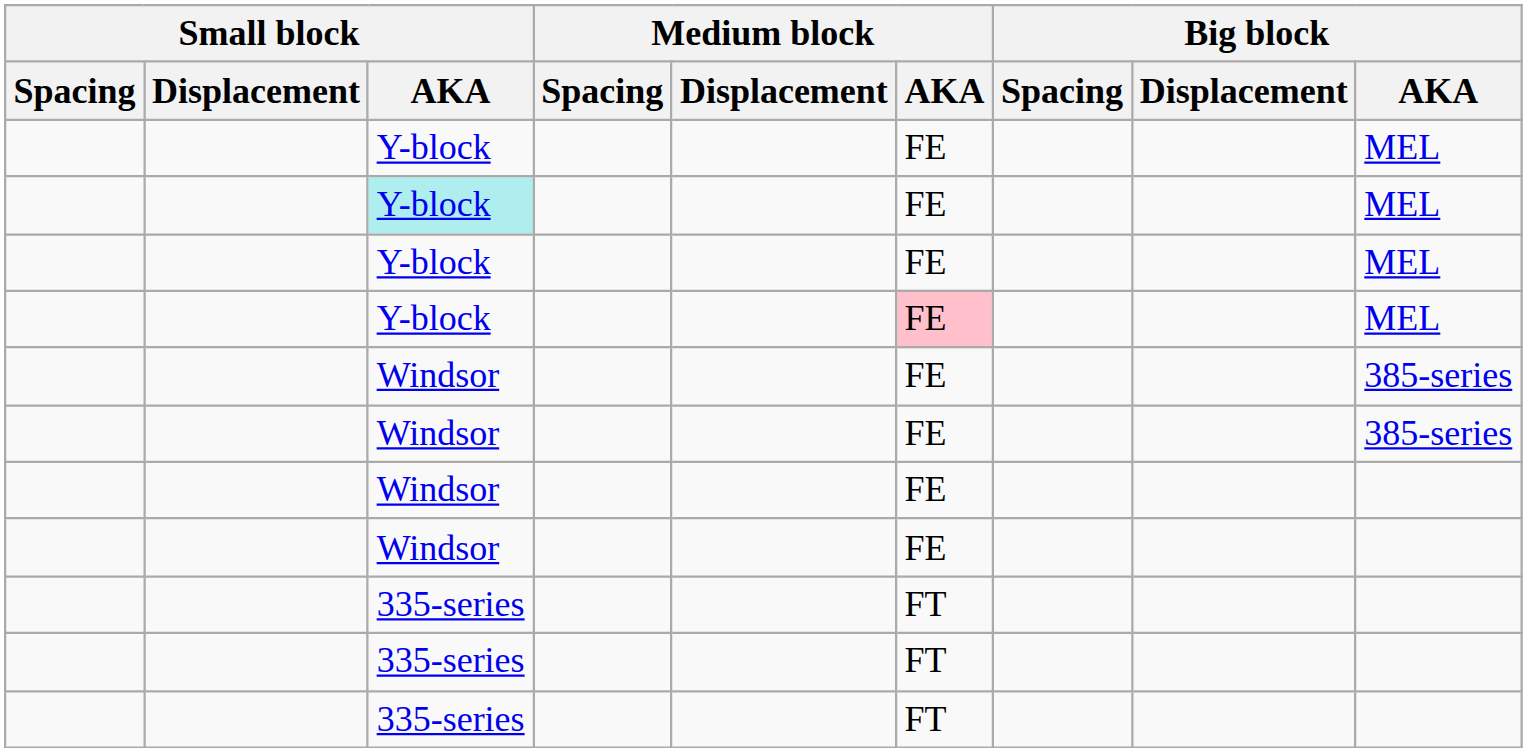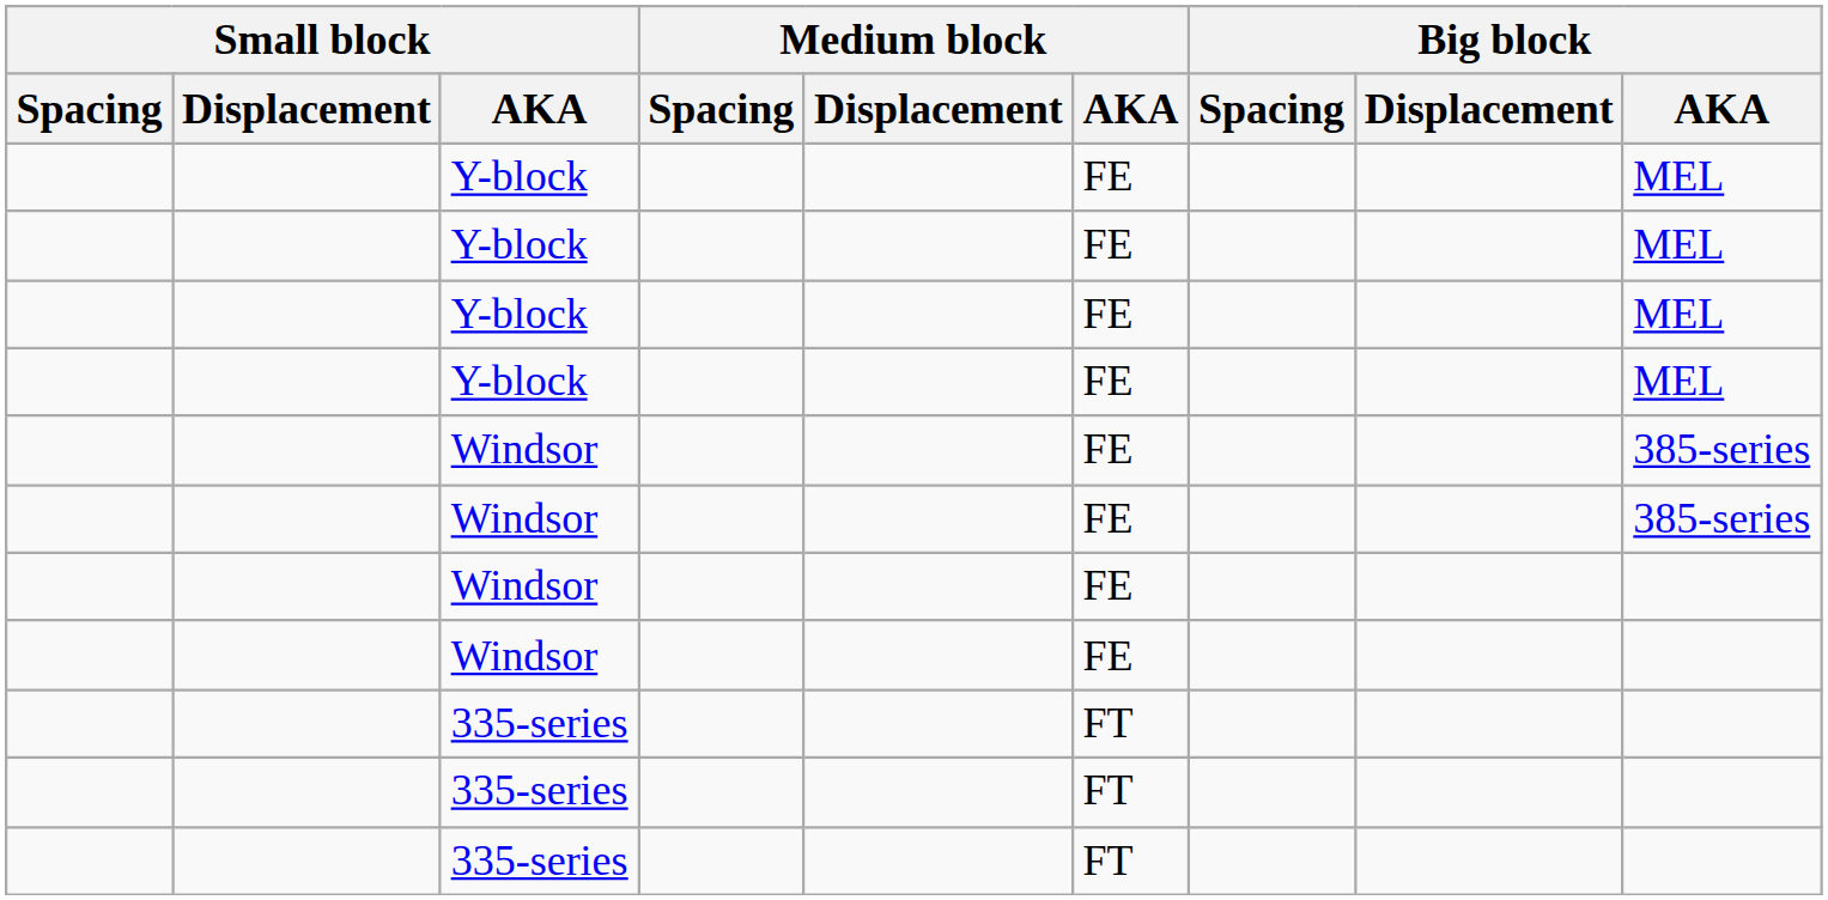 <table class="wikitable  defaultcenter" ;>
 <tr>
 <th colspan=3>Small block</th>
 <th colspan=3>Medium block</th>
 <th colspan=3>Big block</th>
 </tr>
 <tr>
 <th>Spacing</th>
 <th>Displacement</th>
 <th>AKA</th>
 <th>Spacing</th>
 <th>Displacement</th>
 <th>AKA</th>
 <th>Spacing</th>
 <th>Displacement</th>
 <th>AKA</th>
 </tr>
 <tr>
 <td></td>
 <td></td>
 <td><a href='#'>Y-block</a></td>
 <td></td>
 <td></td>
 <td>FE</td>
 <td></td>
 <td></td>
 <td><a href='#'>MEL</a></td>
 </tr>
 <tr>
 <td></td>
 <td></td>
-<td style="background: paleturquoise;"><a href='#'>Y-block</a></td>
+<td><a href='#'>Y-block</a></td>
 <td></td>
 <td></td>
 <td>FE</td>
 <td></td>
 <td></td>
 <td><a href='#'>MEL</a></td>
 </tr>
 <tr>
 <td></td>
 <td></td>
 <td><a href='#'>Y-block</a></td>
 <td></td>
 <td></td>
 <td>FE</td>
 <td></td>
 <td></td>
 <td><a href='#'>MEL</a></td>
 </tr>
 <tr>
 <td></td>
 <td></td>
 <td><a href='#'>Y-block</a></td>
 <td></td>
 <td></td>
-<td style="background: pink;">FE</td>
+<td>FE</td>
 <td></td>
 <td></td>
 <td><a href='#'>MEL</a></td>
 </tr>
 <tr>
 <td></td>
 <td></td>
 <td><a href='#'>Windsor</a></td>
 <td></td>
 <td></td>
 <td>FE</td>
 <td></td>
 <td></td>
 <td><a href='#'>385-series</a></td>
 </tr>
 <tr>
 <td></td>
 <td></td>
 <td><a href='#'>Windsor</a></td>
 <td></td>
 <td></td>
 <td>FE</td>
 <td></td>
 <td></td>
 <td><a href='#'>385-series</a></td>
 </tr>
 <tr>
 <td></td>
 <td></td>
 <td><a href='#'>Windsor</a></td>
 <td></td>
 <td></td>
 <td>FE</td>
 <td></td>
 <td></td>
 <td></td>
 </tr>
 <tr>
 <td></td>
 <td></td>
 <td><a href='#'>Windsor</a></td>
 <td></td>
 <td></td>
 <td>FE</td>
 <td></td>
 <td></td>
 <td></td>
 </tr>
 <tr>
 <td></td>
 <td></td>
 <td><a href='#'>335-series</a></td>
 <td></td>
 <td></td>
 <td>FT</td>
 <td></td>
 <td></td>
 <td></td>
 </tr>
 <tr>
 <td></td>
 <td></td>
 <td><a href='#'>335-series</a></td>
 <td></td>
 <td></td>
 <td>FT</td>
 <td></td>
 <td></td>
 <td></td>
 </tr>
 <tr>
 <td></td>
 <td></td>
 <td><a href='#'>335-series</a></td>
 <td></td>
 <td></td>
 <td>FT</td>
 <td></td>
 <td></td>
 <td></td>
 </tr>
 </table>
